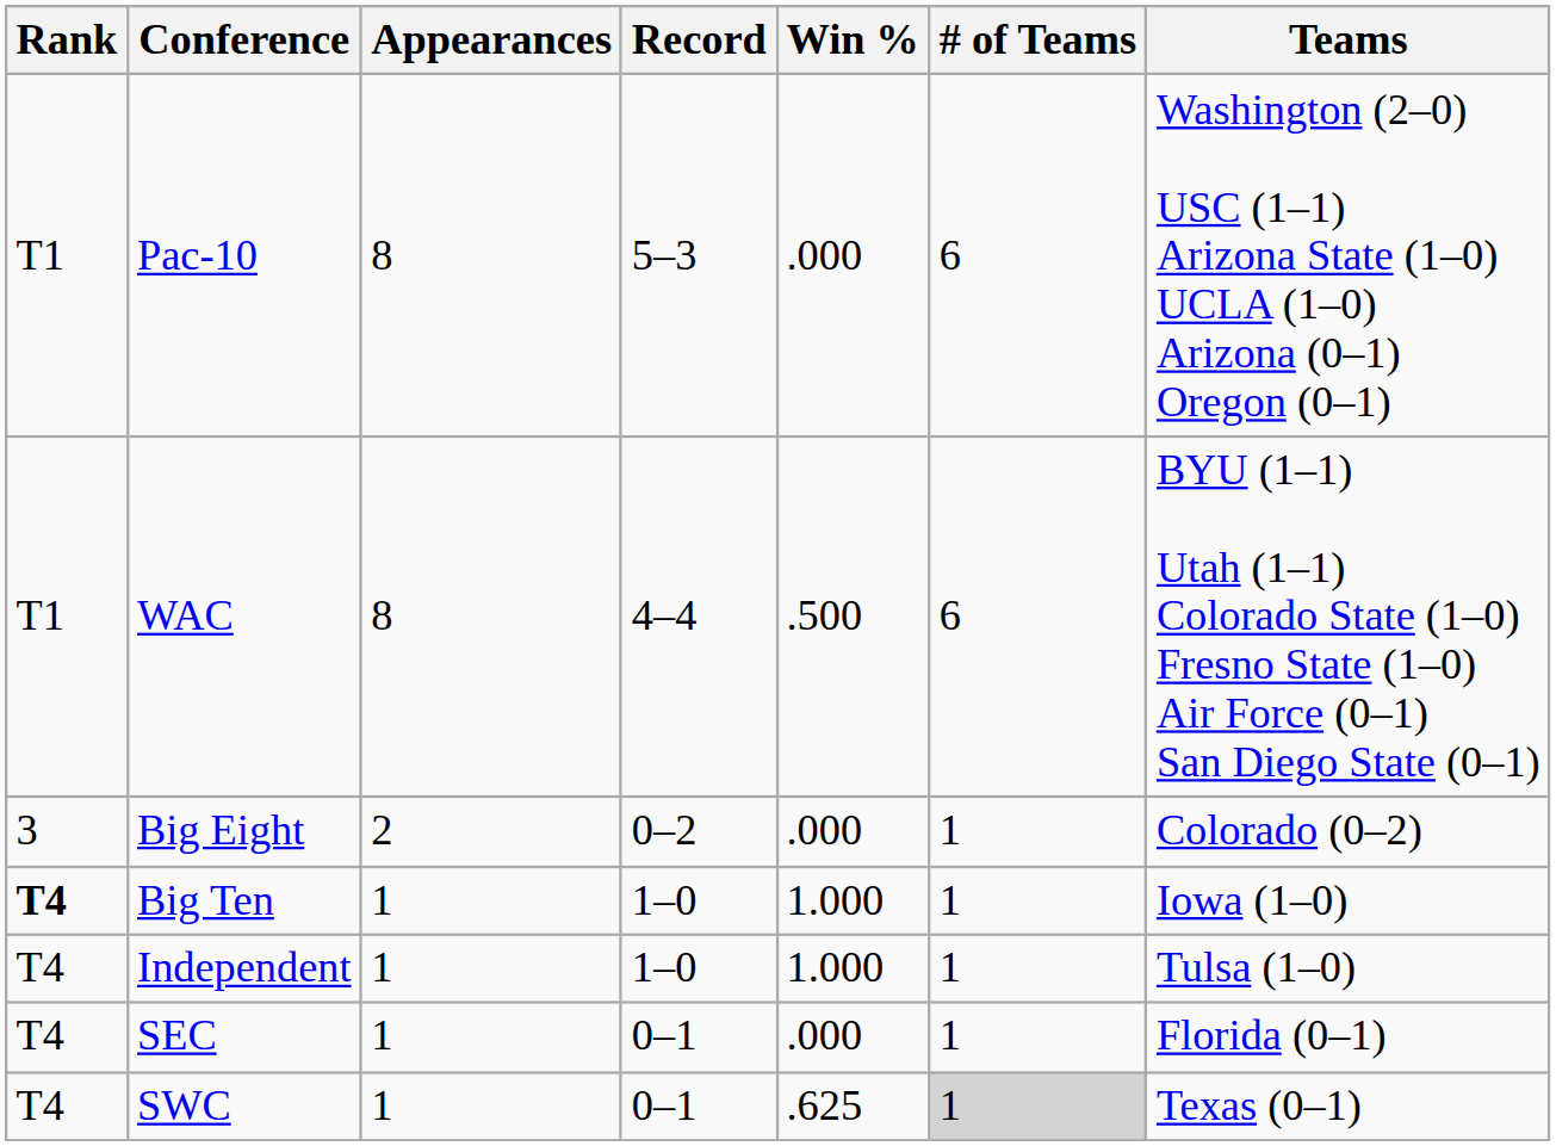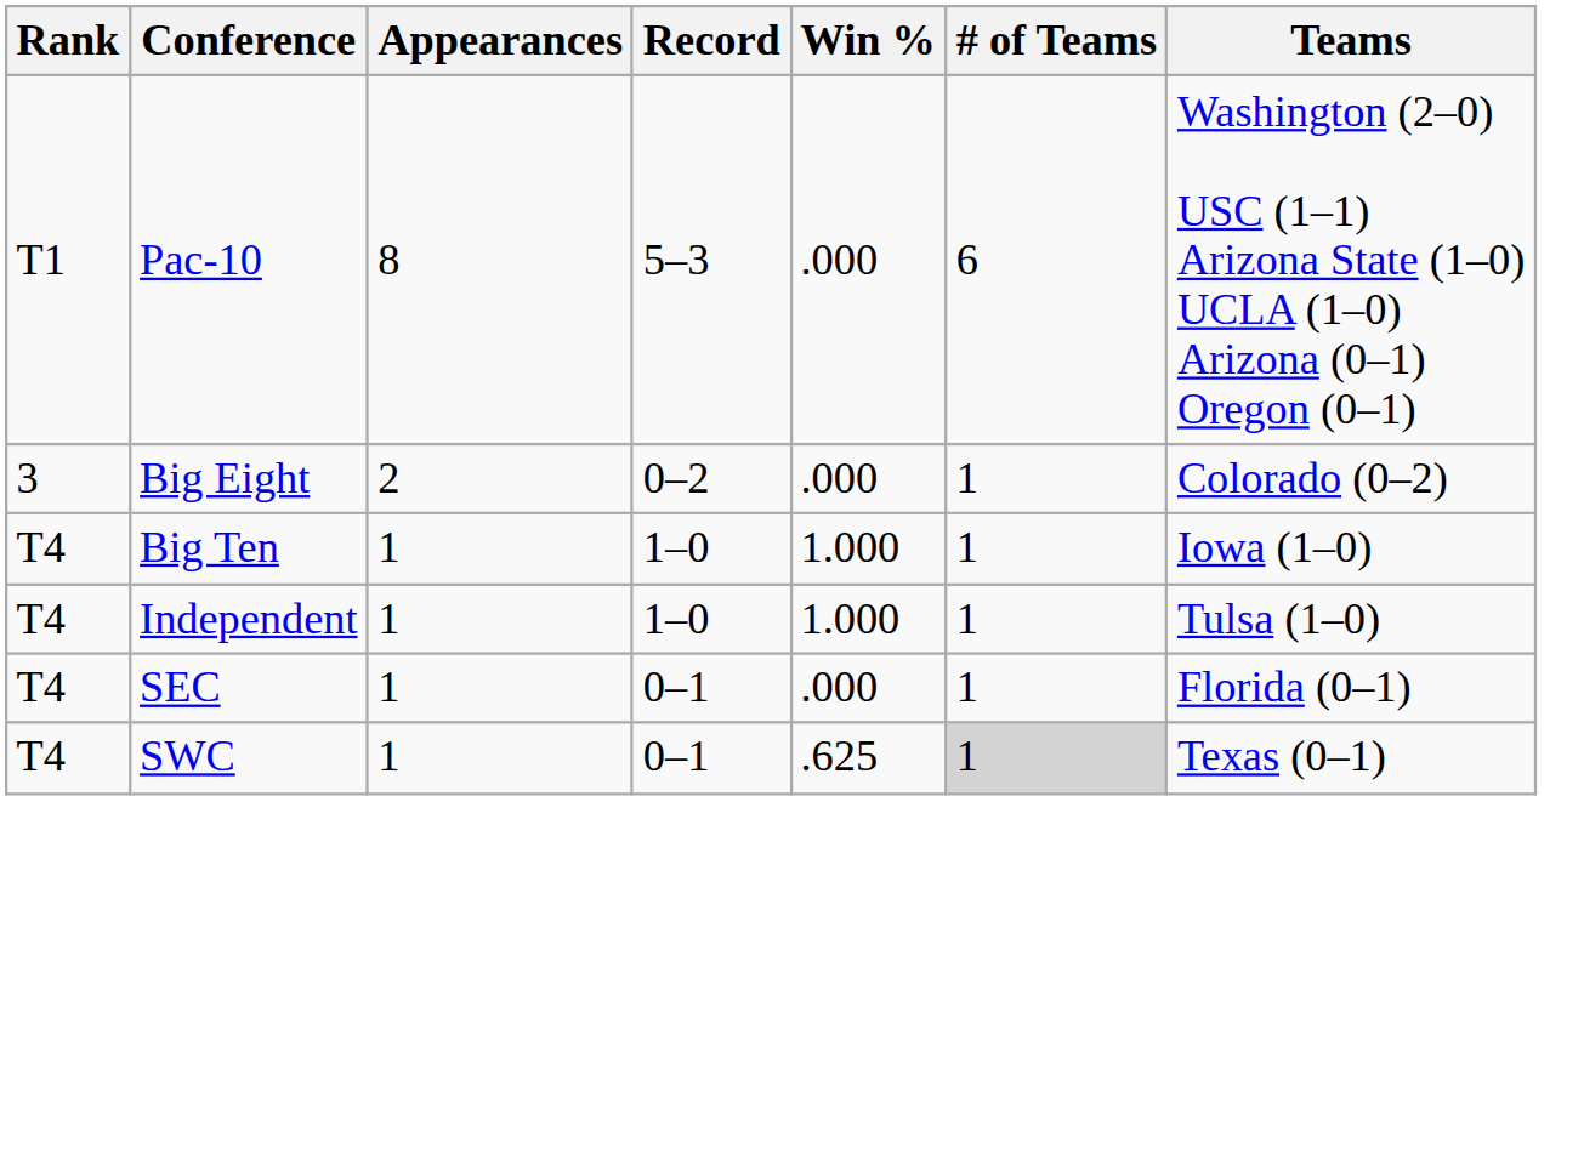 <table class="wikitable">
 <tr>
 <th>Rank</th>
 <th>Conference</th>
 <th>Appearances</th>
 <th>Record</th>
 <th>Win %</th>
 <th># of Teams</th>
 <th>Teams</th>
 </tr>
 <tr>
 <td>T1</td>
 <td><a href='#'>Pac-10</a></td>
 <td>8</td>
 <td>5–3</td>
 <td>.000</td>
 <td>6</td>
 <td><a href='#'>Washington</a> (2–0)<br><br><a href='#'>USC</a> (1–1)<br> <a href='#'>Arizona State</a> (1–0)<br> <a href='#'>UCLA</a> (1–0)<br> <a href='#'>Arizona</a> (0–1)<br> <a href='#'>Oregon</a> (0–1)</td>
 </tr>
 <tr>
-<td>T1</td>
-<td><a href='#'>WAC</a></td>
-<td>8</td>
-<td>4–4</td>
-<td>.500</td>
-<td>6</td>
-<td><a href='#'>BYU</a> (1–1)<br><br><a href='#'>Utah</a> (1–1)<br> <a href='#'>Colorado State</a> (1–0)<br> <a href='#'>Fresno State</a> (1–0)<br> <a href='#'>Air Force</a> (0–1)<br> <a href='#'>San Diego State</a> (0–1)</td>
-</tr>
-<tr>
 <td>3</td>
 <td><a href='#'>Big Eight</a></td>
 <td>2</td>
 <td>0–2</td>
 <td>.000</td>
 <td>1</td>
 <td><a href='#'>Colorado</a> (0–2)</td>
 </tr>
 <tr>
-<td><strong>T4</strong></td>
+<td>T4</td>
 <td><a href='#'>Big Ten</a></td>
 <td>1</td>
 <td>1–0</td>
 <td>1.000</td>
 <td>1</td>
 <td><a href='#'>Iowa</a> (1–0)</td>
 </tr>
 <tr>
 <td>T4</td>
 <td><a href='#'>Independent</a></td>
 <td>1</td>
 <td>1–0</td>
 <td>1.000</td>
 <td>1</td>
 <td><a href='#'>Tulsa</a> (1–0)</td>
 </tr>
 <tr>
 <td>T4</td>
 <td><a href='#'>SEC</a></td>
 <td>1</td>
 <td>0–1</td>
 <td>.000</td>
 <td>1</td>
 <td><a href='#'>Florida</a> (0–1)</td>
 </tr>
 <tr>
 <td>T4</td>
 <td><a href='#'>SWC</a></td>
 <td>1</td>
 <td>0–1</td>
 <td>.625</td>
 <td style="background: lightgrey;">1</td>
 <td><a href='#'>Texas</a> (0–1)</td>
 </tr>
 </table>
